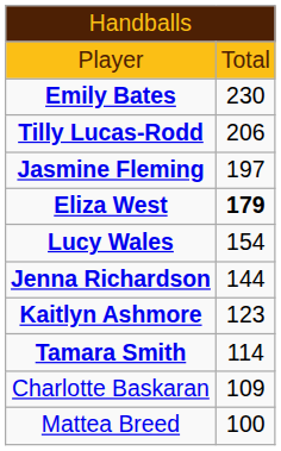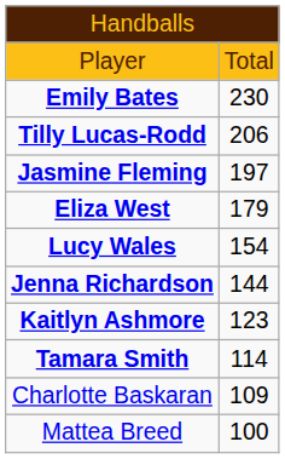 <table class="wikitable" style="text-align:center;">
 <tr>
 <td colspan="2" style="text-align:center; background: #4D2004; color: #FBBF15">Handballs</td>
 </tr>
 <tr>
 <td style="text-align:center; background: #FBBF15; color: #4D2004">Player</td>
 <td style="text-align:center; background: #FBBF15; color: #4D2004">Total</td>
 </tr>
 <tr>
 <td><strong><a href='#'>Emily Bates</a></strong></td>
 <td>230</td>
 </tr>
 <tr>
 <td><strong><a href='#'>Tilly Lucas-Rodd</a></strong></td>
 <td>206</td>
 </tr>
 <tr>
 <td><strong><a href='#'>Jasmine Fleming</a></strong></td>
 <td>197</td>
 </tr>
 <tr>
 <td><strong><a href='#'>Eliza West</a></strong></td>
-<td><strong>179</strong></td>
+<td>179</td>
 </tr>
 <tr>
 <td><strong><a href='#'>Lucy Wales</a></strong></td>
 <td>154</td>
 </tr>
 <tr>
 <td><strong><a href='#'>Jenna Richardson</a></strong></td>
 <td>144</td>
 </tr>
 <tr>
 <td><strong><a href='#'>Kaitlyn Ashmore</a></strong></td>
 <td>123</td>
 </tr>
 <tr>
 <td><strong><a href='#'>Tamara Smith</a></strong></td>
 <td>114</td>
 </tr>
 <tr>
 <td><a href='#'>Charlotte Baskaran</a></td>
 <td>109</td>
 </tr>
 <tr>
 <td><a href='#'>Mattea Breed</a></td>
 <td>100</td>
 </tr>
 </table>
